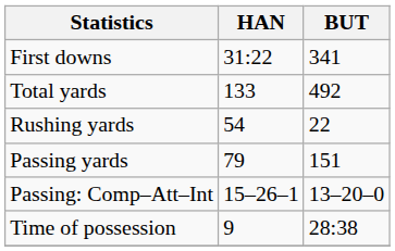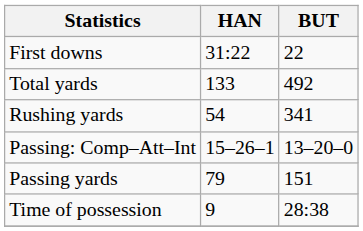 <table class="wikitable" style="float: left;">
 <tr>
 <th>Statistics</th>
 <th>HAN</th>
 <th>BUT</th>
 </tr>
 <tr>
 <td>First downs</td>
 <td>31:22</td>
-<td>341</td>
+<td>22</td>
 </tr>
 <tr>
 <td>Total yards</td>
 <td>133</td>
 <td>492</td>
 </tr>
 <tr>
 <td>Rushing yards</td>
 <td>54</td>
-<td>22</td>
+<td>341</td>
+</tr>
+<tr>
+<td>Passing: Comp–Att–Int</td>
+<td>15–26–1</td>
+<td>13–20–0</td>
 </tr>
 <tr>
 <td>Passing yards</td>
 <td>79</td>
 <td>151</td>
-</tr>
-<tr>
-<td>Passing: Comp–Att–Int</td>
-<td>15–26–1</td>
-<td>13–20–0</td>
 </tr>
 <tr>
 <td>Time of possession</td>
 <td>9</td>
 <td>28:38</td>
 </tr>
 <tr>
 </tr>
 </table>
